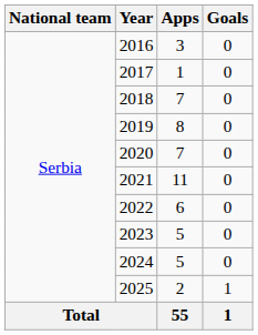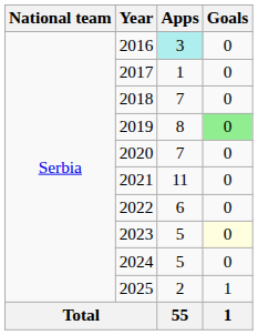 <table class="wikitable" style="text-align:center">
 <tr>
 <th>National team</th>
 <th>Year</th>
 <th>Apps</th>
 <th>Goals</th>
 </tr>
 <tr>
 <td rowspan="10"><a href='#'>Serbia</a></td>
 <td>2016</td>
-<td>3</td>
+<td style="background: paleturquoise;">3</td>
 <td>0</td>
 </tr>
 <tr>
 <td>2017</td>
 <td>1</td>
 <td>0</td>
 </tr>
 <tr>
 <td>2018</td>
 <td>7</td>
 <td>0</td>
 </tr>
 <tr>
 <td>2019</td>
 <td>8</td>
-<td>0</td>
+<td style="background: lightgreen;">0</td>
 </tr>
 <tr>
 <td>2020</td>
 <td>7</td>
 <td>0</td>
 </tr>
 <tr>
 <td>2021</td>
 <td>11</td>
 <td>0</td>
 </tr>
 <tr>
 <td>2022</td>
 <td>6</td>
 <td>0</td>
 </tr>
 <tr>
 <td>2023</td>
 <td>5</td>
-<td>0</td>
+<td style="background: lightyellow;">0</td>
 </tr>
 <tr>
 <td>2024</td>
 <td>5</td>
 <td>0</td>
 </tr>
 <tr>
 <td>2025</td>
 <td>2</td>
 <td>1</td>
 </tr>
 <tr>
 <th colspan="2">Total</th>
 <th>55</th>
 <th>1</th>
 </tr>
 </table>
